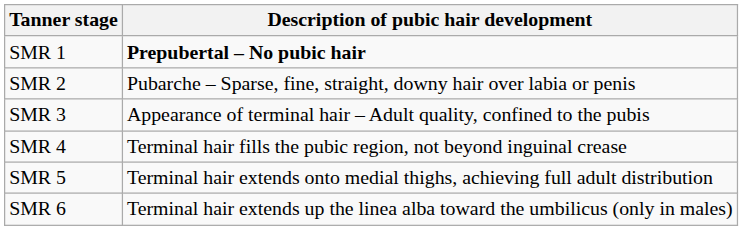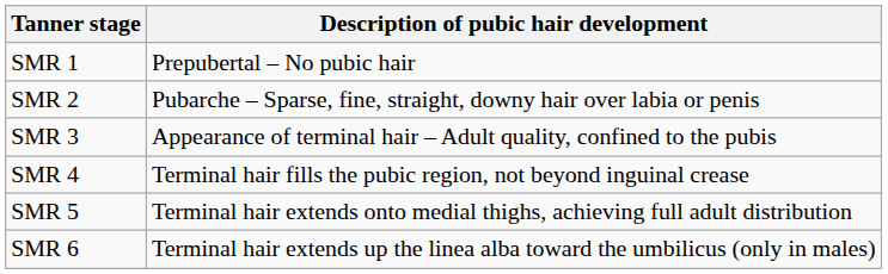 <table class="wikitable">
 <tr>
 <th>Tanner stage</th>
 <th>Description of pubic hair development</th>
 </tr>
 <tr>
 <td>SMR 1</td>
-<td><strong>Prepubertal – No pubic hair</strong></td>
+<td>Prepubertal – No pubic hair</td>
 </tr>
 <tr>
 <td>SMR 2</td>
 <td>Pubarche – Sparse, fine, straight, downy hair over labia or penis</td>
 </tr>
 <tr>
 <td>SMR 3</td>
 <td>Appearance of terminal hair – Adult quality, confined to the pubis</td>
 </tr>
 <tr>
 <td>SMR 4</td>
 <td>Terminal hair fills the pubic region, not beyond inguinal crease</td>
 </tr>
 <tr>
 <td>SMR 5</td>
 <td>Terminal hair extends onto medial thighs, achieving full adult distribution</td>
 </tr>
 <tr>
 <td>SMR 6</td>
 <td>Terminal hair extends up the linea alba toward the umbilicus (only in males)</td>
 </tr>
 </table>
